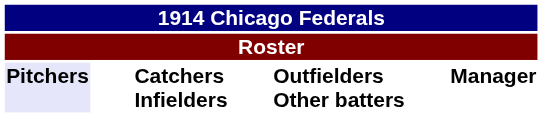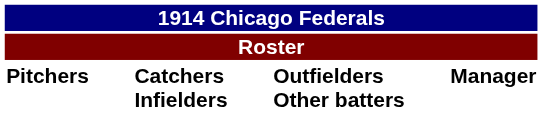 <table class="toccolours" style="font-size: 95%;">
 <tr>
 <th colspan="10" style="background-color: navy; color: white; text-align: center;">1914 Chicago Federals</th>
 </tr>
 <tr>
 <td colspan="10" style="background-color: maroon; color: white; text-align: center;"><strong>Roster</strong></td>
 </tr>
 <tr>
-<td valign="top" style="background: lavender;"><strong>Pitchers</strong><br>         </td>
+<td valign="top"><strong>Pitchers</strong><br>         </td>
 <td width="25px"></td>
 <td valign="top"><strong>Catchers</strong><br>   <strong>Infielders</strong>        </td>
 <td width="25px"></td>
 <td valign="top"><strong>Outfielders</strong><br>     <strong>Other batters</strong>  </td>
 <td width="25px"></td>
 <td valign="top"><strong>Manager</strong><br></td>
 </tr>
 </table>
